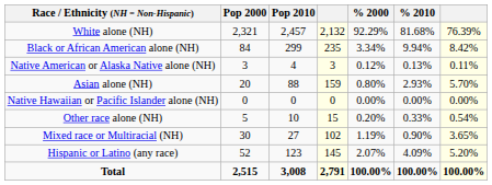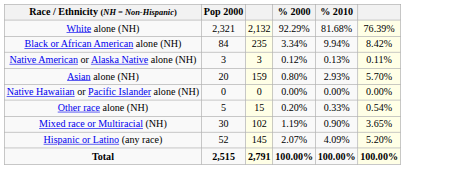 <table class="wikitable" style="text-align:center;">
 <tr>
 <th>Race / Ethnicity <small>(<em>NH = Non-Hispanic</em>)</small></th>
 <th>Pop 2000</th>
-<th>Pop 2010</th>
 <th></th>
 <th>% 2000</th>
 <th>% 2010</th>
 <th></th>
 </tr>
 <tr>
 <td><a href='#'>White</a> alone (NH)</td>
 <td>2,321</td>
-<td>2,457</td>
 <td style='background: #ffffe6;'>2,132</td>
 <td>92.29%</td>
 <td>81.68%</td>
 <td style='background: #ffffe6;'>76.39%</td>
 </tr>
 <tr>
 <td><a href='#'>Black or African American</a> alone (NH)</td>
 <td>84</td>
-<td>299</td>
 <td style='background: #ffffe6;'>235</td>
 <td>3.34%</td>
 <td>9.94%</td>
 <td style='background: #ffffe6;'>8.42%</td>
 </tr>
 <tr>
 <td><a href='#'>Native American</a> or <a href='#'>Alaska Native</a> alone (NH)</td>
 <td>3</td>
-<td>4</td>
 <td style='background: #ffffe6;'>3</td>
 <td>0.12%</td>
 <td>0.13%</td>
 <td style='background: #ffffe6;'>0.11%</td>
 </tr>
 <tr>
 <td><a href='#'>Asian</a> alone (NH)</td>
 <td>20</td>
-<td>88</td>
 <td style='background: #ffffe6;'>159</td>
 <td>0.80%</td>
 <td>2.93%</td>
 <td style='background: #ffffe6;'>5.70%</td>
 </tr>
 <tr>
 <td><a href='#'>Native Hawaiian</a> or <a href='#'>Pacific Islander</a> alone (NH)</td>
-<td>0</td>
 <td>0</td>
 <td style='background: #ffffe6;'>0</td>
 <td>0.00%</td>
 <td>0.00%</td>
 <td style='background: #ffffe6;'>0.00%</td>
 </tr>
 <tr>
 <td><a href='#'>Other race</a> alone (NH)</td>
 <td>5</td>
-<td>10</td>
 <td style='background: #ffffe6;'>15</td>
 <td>0.20%</td>
 <td>0.33%</td>
 <td style='background: #ffffe6;'>0.54%</td>
 </tr>
 <tr>
 <td><a href='#'>Mixed race or Multiracial</a> (NH)</td>
 <td>30</td>
-<td>27</td>
 <td style='background: #ffffe6;'>102</td>
 <td>1.19%</td>
 <td>0.90%</td>
 <td style='background: #ffffe6;'>3.65%</td>
 </tr>
 <tr>
 <td><a href='#'>Hispanic or Latino</a> (any race)</td>
 <td>52</td>
-<td>123</td>
 <td style='background: #ffffe6;'>145</td>
 <td>2.07%</td>
 <td>4.09%</td>
 <td style='background: #ffffe6;'>5.20%</td>
 </tr>
 <tr>
 <td><strong>Total</strong></td>
 <td><strong>2,515</strong></td>
-<td><strong>3,008</strong></td>
 <td style='background: #ffffe6;'><strong>2,791</strong></td>
 <td><strong>100.00%</strong></td>
 <td><strong>100.00%</strong></td>
 <td style='background: #ffffe6;'><strong>100.00%</strong></td>
 </tr>
 </table>
